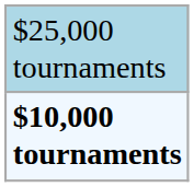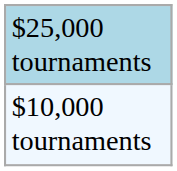 <table class="wikitable" style="font-size:85%;" width=13%>
 <tr style="background:lightblue;">
 <td>$25,000 tournaments</td>
 </tr>
 <tr style="background:#f0f8ff;">
-<td><strong>$10,000 tournaments</strong></td>
+<td>$10,000 tournaments</td>
 </tr>
 </table>
